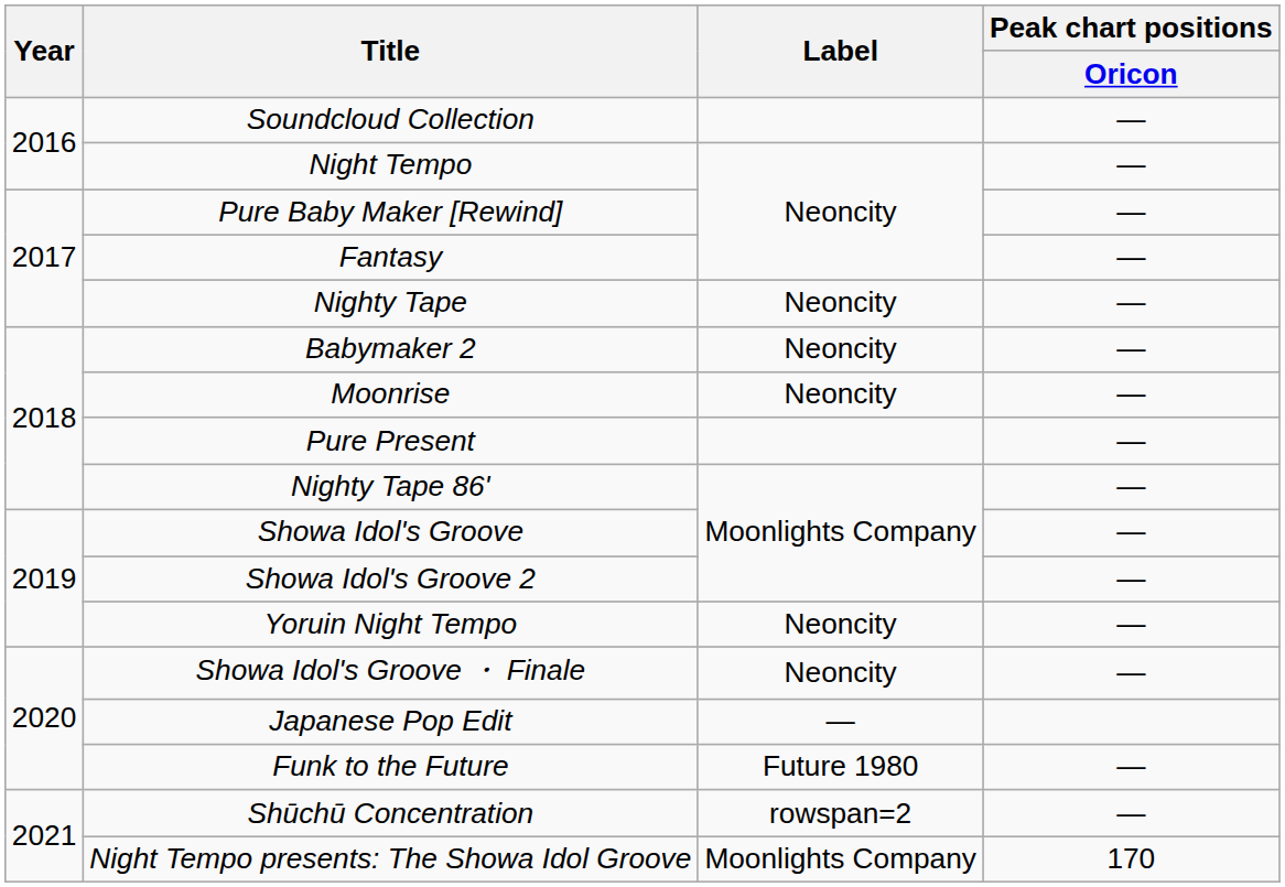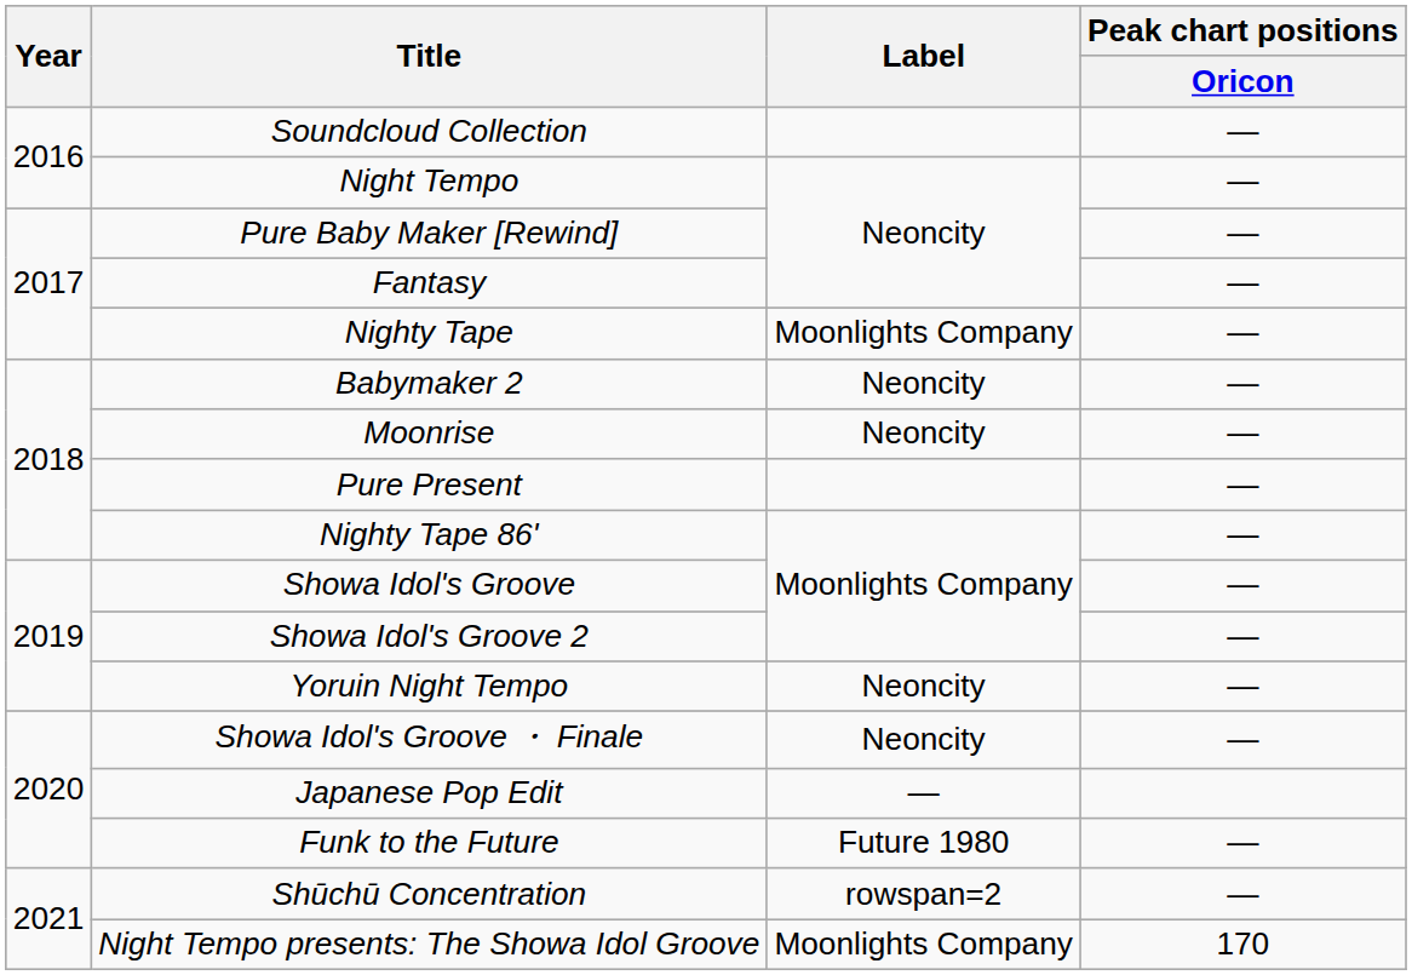 <table class="wikitable plainrowheaders" style="text-align:center;">
 <tr>
 <th rowspan=2 scope="col">Year</th>
 <th rowspan=2 scope="col">Title</th>
 <th rowspan=2 scope="col">Label</th>
 <th scope="col">Peak chart positions</th>
 </tr>
 <tr>
 <th><a href='#'>Oricon</a></th>
 </tr>
 <tr>
 <td rowspan=2>2016</td>
 <td><em>Soundcloud Collection</em></td>
 <td></td>
 <td align=center>—</td>
 </tr>
 <tr>
 <td><em>Night Tempo</em></td>
 <td rowspan=3>Neoncity</td>
 <td align=center>—</td>
 </tr>
 <tr>
 <td rowspan=3>2017</td>
 <td><em>Pure Baby Maker [Rewind]</em></td>
 <td align=center>—</td>
 </tr>
 <tr>
 <td><em>Fantasy</em></td>
 <td align=center>—</td>
 </tr>
 <tr>
 <td><em>Nighty Tape</em></td>
-<td>Neoncity</td>
+<td>Moonlights Company</td>
 <td align=center>—</td>
 </tr>
 <tr>
 <td rowspan=4>2018</td>
 <td><em>Babymaker 2</em></td>
 <td>Neoncity</td>
 <td align=center>—</td>
 </tr>
 <tr>
 <td><em>Moonrise</em></td>
 <td>Neoncity</td>
 <td align=center>—</td>
 </tr>
 <tr>
 <td><em>Pure Present</em></td>
 <td></td>
 <td align=center>—</td>
 </tr>
 <tr>
 <td><em>Nighty Tape 86' </em></td>
 <td rowspan=3>Moonlights Company</td>
 <td align=center>—</td>
 </tr>
 <tr>
 <td rowspan=3>2019</td>
 <td><em>Showa Idol's Groove</em></td>
 <td align=center>—</td>
 </tr>
 <tr>
 <td><em>Showa Idol's Groove 2</em></td>
 <td align=center>—</td>
 </tr>
 <tr>
 <td><em>Yoruin Night Tempo</em></td>
 <td>Neoncity</td>
 <td align=center>—</td>
 </tr>
 <tr>
 <td rowspan=3>2020</td>
 <td><em>Showa Idol's Groove ・ Finale</em></td>
 <td>Neoncity</td>
 <td align=center>—</td>
 </tr>
 <tr>
 <td><em>Japanese Pop Edit</em></td>
 <td align=center>—</td>
 </tr>
 <tr>
 <td><em>Funk to the Future</em></td>
 <td>Future 1980</td>
 <td align=center>—</td>
 </tr>
 <tr>
 <td rowspan=2>2021</td>
 <td><em>Shūchū Concentration</em></td>
 <td>rowspan=2 </td>
 <td align=center>—</td>
 </tr>
 <tr>
 <td><em>Night Tempo presents: The Showa Idol Groove</em></td>
 <td>Moonlights Company</td>
 <td>170</td>
 </tr>
 </table>
